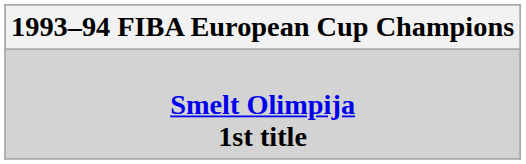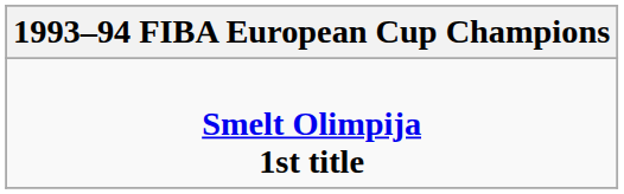 <table class=wikitable style="text-align:center; margin:auto">
 <tr>
 <th>1993–94 FIBA European Cup Champions</th>
 </tr>
 <tr>
-<td style="background: lightgrey;"><br> <strong><a href='#'>Smelt Olimpija</a></strong> <br> <strong>1st title</strong></td>
+<td><br> <strong><a href='#'>Smelt Olimpija</a></strong> <br> <strong>1st title</strong></td>
 </tr>
 </table>
